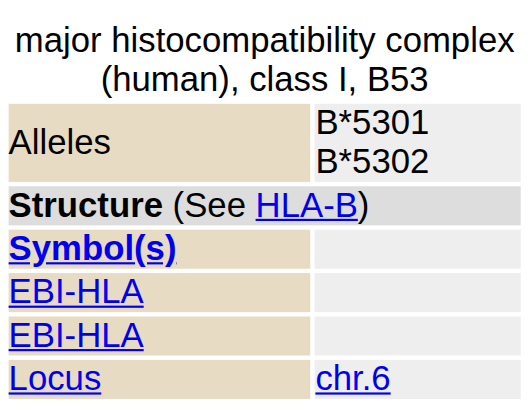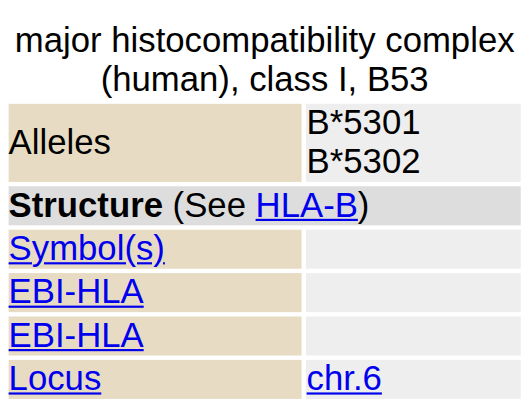 <table id="drugInfoBox" style="float: right; clear: right; margin: 0 0 0.5em 1em; background: #ffffff;" class="toccolours" border=0 cellpadding=0 align=right width="240px">
 <tr>
 <td align="center" colspan="3"></td>
 </tr>
 <tr style="text-align: center; line-height: 1.00;background:#eeeeee">
 <td colspan="3" color="white"></td>
 </tr>
 <tr>
 <td align="center" colspan="2"></td>
 </tr>
 <tr>
 <td align="center" colspan="2"><div>major histocompatibility complex (human), class I, B53</div></td>
 </tr>
 <tr>
 <td bgcolor="#e7dcc3">Alleles</td>
 <td bgcolor="#eeeeee">B*5301 <br> B*5302 <br></td>
 </tr>
 <tr>
 <td colspan="2" bgcolor="#dddddd"><strong>Structure</strong> (See <a href='#'>HLA-B</a>)</td>
 </tr>
 <tr>
-<td bgcolor="#e7dcc3"><strong><a href='#'>Symbol(s)</a></strong></td>
+<td bgcolor="#e7dcc3"><a href='#'>Symbol(s)</a></td>
 <td bgcolor="#eeeeee"></td>
 </tr>
 <tr>
 <td bgcolor="#e7dcc3"><a href='#'>EBI-HLA</a></td>
 <td bgcolor="#eeeeee"></td>
 </tr>
 <tr>
 <td bgcolor="#e7dcc3"><a href='#'>EBI-HLA</a></td>
 <td bgcolor="#eeeeee"></td>
 </tr>
 <tr>
 <td bgcolor="#e7dcc3"><a href='#'>Locus</a></td>
 <td bgcolor="#eeeeee"><a href='#'>chr.6</a> <em></em></td>
 </tr>
 <tr>
 </tr>
 </table>
